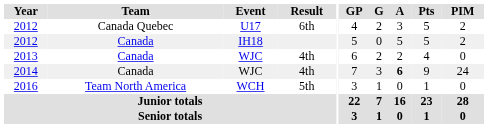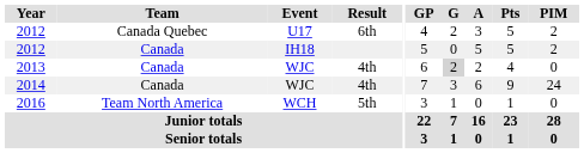 <table border="0" cellpadding="1" cellspacing="0" ID="Table3" style="text-align:center; width:40em">
 <tr ALIGN="center" bgcolor="#e0e0e0">
 <th>Year</th>
 <th>Team</th>
 <th>Event</th>
 <th>Result</th>
 <th rowspan="99" bgcolor="#ffffff"></th>
 <th>GP</th>
 <th>G</th>
 <th>A</th>
 <th>Pts</th>
 <th>PIM</th>
 </tr>
 <tr>
 <td><a href='#'>2012</a></td>
 <td>Canada Quebec</td>
 <td><a href='#'>U17</a></td>
 <td>6th</td>
 <td>4</td>
 <td>2</td>
 <td>3</td>
 <td>5</td>
 <td>2</td>
 </tr>
 <tr bgcolor="#f0f0f0">
 <td><a href='#'>2012</a></td>
 <td><a href='#'>Canada</a></td>
 <td><a href='#'>IH18</a></td>
 <td></td>
 <td>5</td>
 <td>0</td>
 <td>5</td>
 <td>5</td>
 <td>2</td>
 </tr>
 <tr>
 <td><a href='#'>2013</a></td>
 <td><a href='#'>Canada</a></td>
 <td><a href='#'>WJC</a></td>
 <td>4th</td>
 <td>6</td>
-<td>2</td>
+<td style="background: lightgrey;">2</td>
 <td>2</td>
 <td>4</td>
 <td>0</td>
 </tr>
 <tr bgcolor="#f0f0f0">
 <td><a href='#'>2014</a></td>
 <td>Canada</td>
 <td>WJC</td>
 <td>4th</td>
 <td>7</td>
 <td>3</td>
-<td><strong>6</strong></td>
+<td>6</td>
 <td>9</td>
 <td>24</td>
 </tr>
 <tr ALIGN="center">
 <td><a href='#'>2016</a></td>
 <td><a href='#'>Team North America</a></td>
 <td><a href='#'>WCH</a></td>
 <td>5th</td>
 <td>3</td>
 <td>1</td>
 <td>0</td>
 <td>1</td>
 <td>0</td>
 </tr>
 <tr bgcolor="#e0e0e0">
 <th colspan="4">Junior totals</th>
 <th>22</th>
 <th>7</th>
 <th>16</th>
 <th>23</th>
 <th>28</th>
 </tr>
 <tr bgcolor="#e0e0e0">
 <th colspan="4">Senior totals</th>
 <th>3</th>
 <th>1</th>
 <th>0</th>
 <th>1</th>
 <th>0</th>
 </tr>
 </table>
